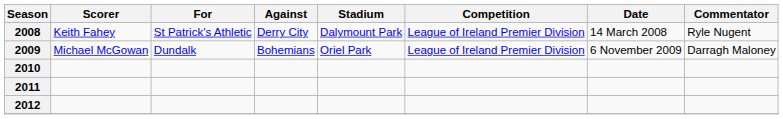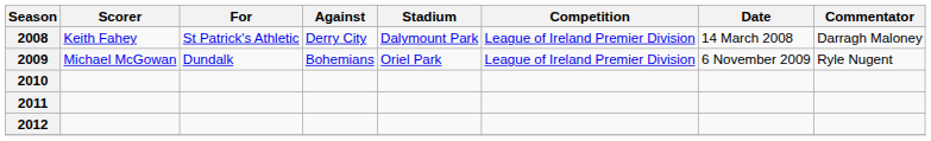 <table class="wikitable" style="font-size: 95%;">
 <tr>
 <th>Season</th>
 <th>Scorer</th>
 <th>For</th>
 <th>Against</th>
 <th>Stadium</th>
 <th>Competition</th>
 <th>Date</th>
 <th>Commentator</th>
 </tr>
 <tr>
 <th>2008</th>
 <td><a href='#'>Keith Fahey</a></td>
 <td><a href='#'>St Patrick's Athletic</a></td>
 <td><a href='#'>Derry City</a></td>
 <td><a href='#'>Dalymount Park</a></td>
 <td><a href='#'>League of Ireland Premier Division</a></td>
 <td>14 March 2008</td>
-<td>Ryle Nugent</td>
+<td>Darragh Maloney</td>
 </tr>
 <tr>
 <th>2009</th>
 <td><a href='#'>Michael McGowan</a></td>
 <td><a href='#'>Dundalk</a></td>
 <td><a href='#'>Bohemians</a></td>
 <td><a href='#'>Oriel Park</a></td>
 <td><a href='#'>League of Ireland Premier Division</a></td>
 <td>6 November 2009</td>
-<td>Darragh Maloney</td>
+<td>Ryle Nugent</td>
 </tr>
 <tr>
 <th>2010</th>
 <td></td>
 <td></td>
 <td></td>
 <td></td>
 <td></td>
 <td></td>
 <td></td>
 </tr>
 <tr>
 <th>2011</th>
 <td></td>
 <td></td>
 <td></td>
 <td></td>
 <td></td>
 <td></td>
 <td></td>
 </tr>
 <tr>
 <th>2012</th>
 <td></td>
 <td></td>
 <td></td>
 <td></td>
 <td></td>
 <td></td>
 <td></td>
 </tr>
 <tr>
 </tr>
 </table>
